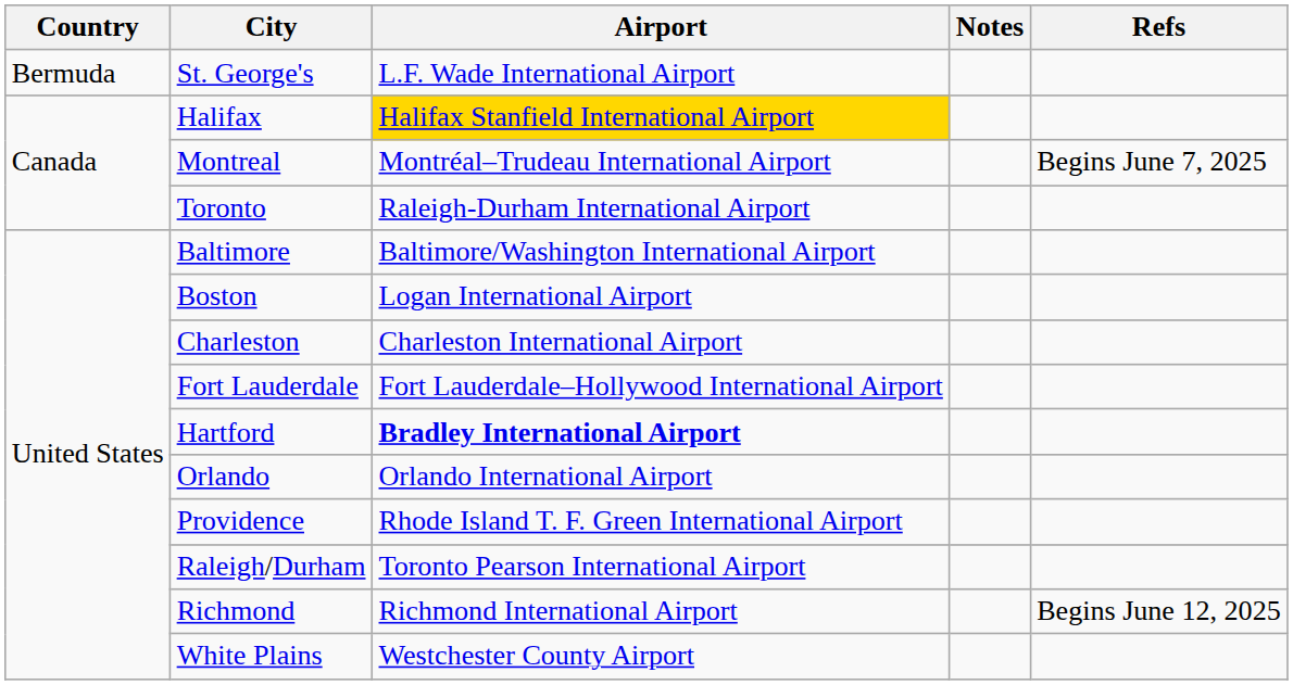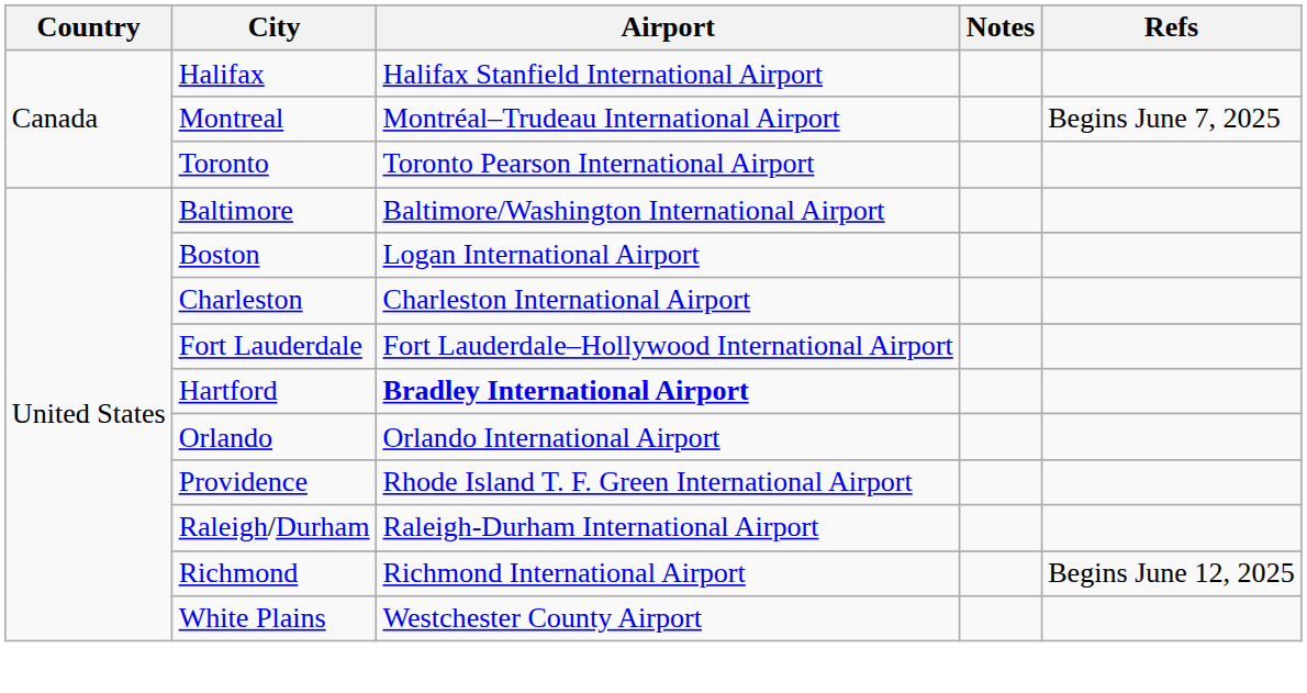 <table class="sortable wikitable">
 <tr>
 <th>Country</th>
 <th>City</th>
 <th>Airport</th>
 <th>Notes</th>
 <th class=unsortable>Refs</th>
 </tr>
 <tr>
-<td>Bermuda</td>
-<td><a href='#'>St. George's</a></td>
-<td><a href='#'>L.F. Wade International Airport</a></td>
-<td></td>
-<td></td>
-</tr>
-<tr>
 <td rowspan=3>Canada</td>
 <td><a href='#'>Halifax</a></td>
-<td style="background: gold;"><a href='#'>Halifax Stanfield International Airport</a></td>
+<td><a href='#'>Halifax Stanfield International Airport</a></td>
 <td></td>
 <td></td>
 </tr>
 <tr>
 <td><a href='#'>Montreal</a></td>
 <td><a href='#'>Montréal–Trudeau International Airport</a></td>
 <td></td>
 <td>Begins June 7, 2025</td>
 </tr>
 <tr>
 <td><a href='#'>Toronto</a></td>
-<td><a href='#'>Raleigh-Durham International Airport</a></td>
+<td><a href='#'>Toronto Pearson International Airport</a></td>
 <td></td>
 <td></td>
 </tr>
 <tr>
 <td rowspan=10>United States</td>
 <td><a href='#'>Baltimore</a></td>
 <td><a href='#'>Baltimore/Washington International Airport</a></td>
 <td></td>
 <td></td>
 </tr>
 <tr>
 <td><a href='#'>Boston</a></td>
 <td><a href='#'>Logan International Airport</a></td>
 <td></td>
 <td></td>
 </tr>
 <tr>
 <td><a href='#'>Charleston</a></td>
 <td><a href='#'>Charleston International Airport</a></td>
 <td></td>
 <td></td>
 </tr>
 <tr>
 <td><a href='#'>Fort Lauderdale</a></td>
 <td><a href='#'>Fort Lauderdale–Hollywood International Airport</a></td>
 <td></td>
 <td></td>
 </tr>
 <tr>
 <td><a href='#'>Hartford</a></td>
 <td><strong><a href='#'>Bradley International Airport</a></strong></td>
 <td></td>
 <td></td>
 </tr>
 <tr>
 <td><a href='#'>Orlando</a></td>
 <td><a href='#'>Orlando International Airport</a></td>
 <td></td>
 <td></td>
 </tr>
 <tr>
 <td><a href='#'>Providence</a></td>
 <td><a href='#'>Rhode Island T. F. Green International Airport</a></td>
 <td></td>
 <td></td>
 </tr>
 <tr>
 <td><a href='#'>Raleigh</a>/<a href='#'>Durham</a></td>
-<td><a href='#'>Toronto Pearson International Airport</a></td>
+<td><a href='#'>Raleigh-Durham International Airport</a></td>
 <td></td>
 <td></td>
 </tr>
 <tr>
 <td><a href='#'>Richmond</a></td>
 <td><a href='#'>Richmond International Airport</a></td>
 <td></td>
 <td>Begins June 12, 2025</td>
 </tr>
 <tr>
 <td><a href='#'>White Plains</a></td>
 <td><a href='#'>Westchester County Airport</a></td>
 <td></td>
 <td></td>
 </tr>
 </table>
